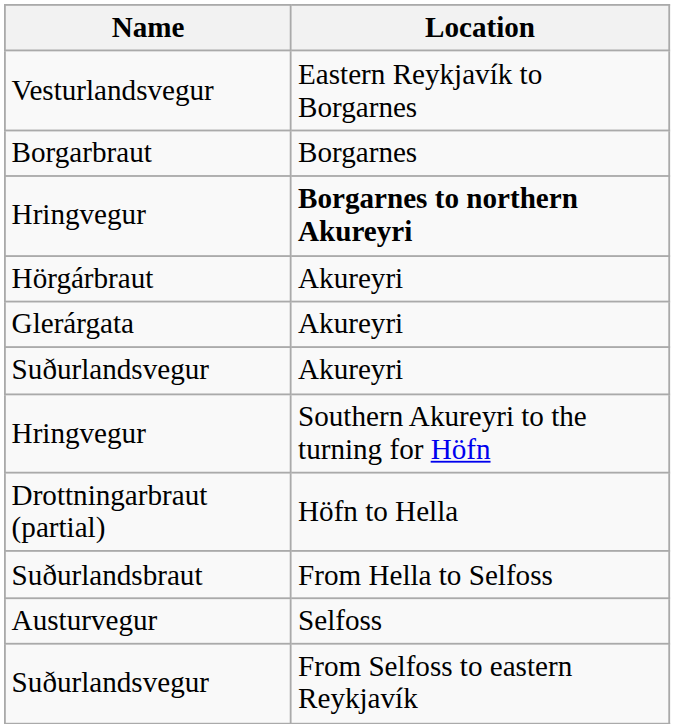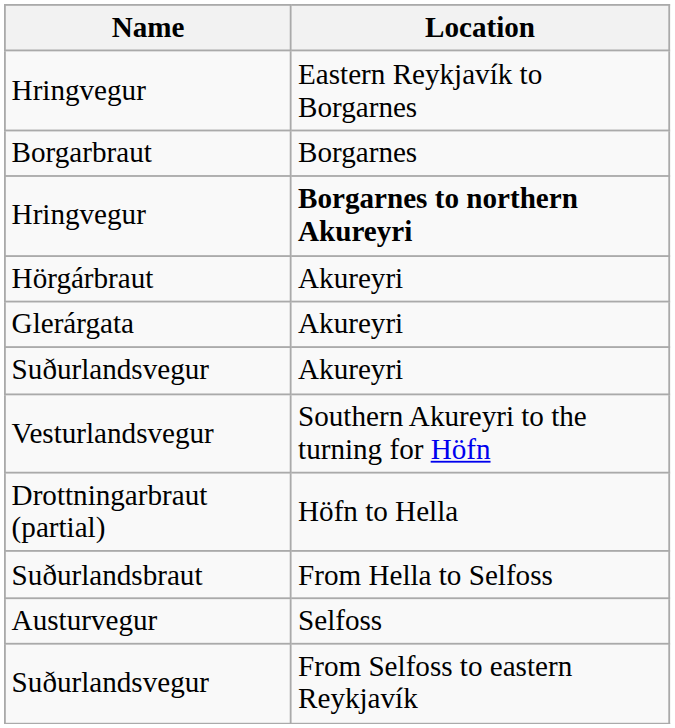 <table class="wikitable">
 <tr>
 <th style="width:150px">Name</th>
 <th style="width:200px">Location</th>
 </tr>
 <tr>
-<td>Vesturlandsvegur</td>
+<td>Hringvegur</td>
 <td>Eastern Reykjavík to Borgarnes</td>
 </tr>
 <tr>
 <td>Borgarbraut</td>
 <td>Borgarnes</td>
 </tr>
 <tr>
 <td>Hringvegur</td>
 <td><strong>Borgarnes to northern Akureyri</strong></td>
 </tr>
 <tr>
 <td>Hörgárbraut</td>
 <td>Akureyri</td>
 </tr>
 <tr>
 <td>Glerárgata</td>
 <td>Akureyri</td>
 </tr>
 <tr>
 <td>Suðurlandsvegur</td>
 <td>Akureyri</td>
 </tr>
 <tr>
-<td>Hringvegur</td>
+<td>Vesturlandsvegur</td>
 <td>Southern Akureyri to the turning for <a href='#'>Höfn</a></td>
 </tr>
 <tr>
 <td>Drottningarbraut (partial)</td>
 <td>Höfn to Hella</td>
 </tr>
 <tr>
 <td>Suðurlandsbraut</td>
 <td>From Hella to Selfoss</td>
 </tr>
 <tr>
 <td>Austurvegur</td>
 <td>Selfoss</td>
 </tr>
 <tr>
 <td>Suðurlandsvegur</td>
 <td>From Selfoss to eastern Reykjavík</td>
 </tr>
 <tr>
 </tr>
 </table>
